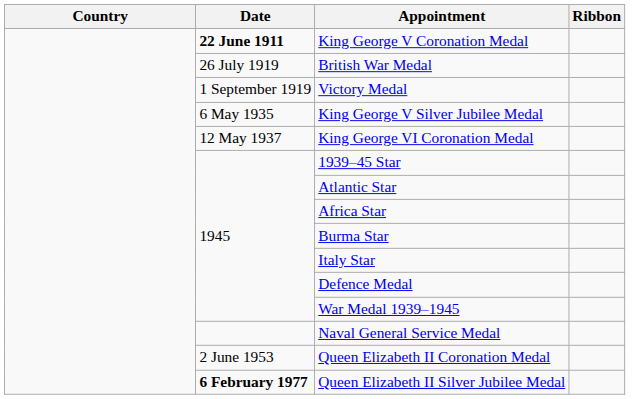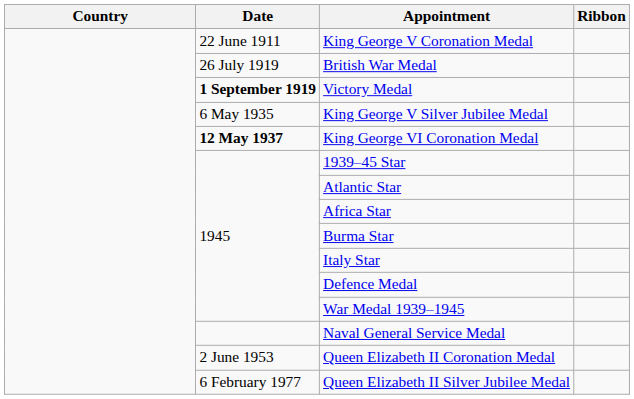 <table class="wikitable sortable plainrowheaders">
 <tr>
 <th scope="col" style="width:12em;">Country</th>
 <th scope="col">Date</th>
 <th scope="col">Appointment</th>
 <th scope="col">Ribbon</th>
 </tr>
 <tr>
 <td rowspan=15></td>
-<td><strong>22 June 1911</strong></td>
+<td>22 June 1911</td>
 <td><a href='#'>King George V Coronation Medal</a></td>
 <td></td>
 </tr>
 <tr>
 <td>26 July 1919</td>
 <td><a href='#'>British War Medal</a></td>
 <td></td>
 </tr>
 <tr>
-<td>1 September 1919</td>
+<td><strong>1 September 1919</strong></td>
 <td><a href='#'>Victory Medal</a></td>
 <td></td>
 </tr>
 <tr>
 <td>6 May 1935</td>
 <td><a href='#'>King George V Silver Jubilee Medal</a></td>
 <td></td>
 </tr>
 <tr>
-<td>12 May 1937</td>
+<td><strong>12 May 1937</strong></td>
 <td><a href='#'>King George VI Coronation Medal</a></td>
 <td></td>
 </tr>
 <tr>
 <td rowspan="7">1945</td>
 <td><a href='#'>1939–45 Star</a></td>
 <td></td>
 </tr>
 <tr>
 <td><a href='#'>Atlantic Star</a></td>
 <td></td>
 </tr>
 <tr>
 <td><a href='#'>Africa Star</a></td>
 <td></td>
 </tr>
 <tr>
 <td><a href='#'>Burma Star</a></td>
 <td></td>
 </tr>
 <tr>
 <td><a href='#'>Italy Star</a></td>
 <td></td>
 </tr>
 <tr>
 <td><a href='#'>Defence Medal</a></td>
 <td></td>
 </tr>
 <tr>
 <td><a href='#'>War Medal 1939–1945</a></td>
 <td></td>
 </tr>
 <tr>
 <td></td>
 <td><a href='#'>Naval General Service Medal</a></td>
 <td></td>
 </tr>
 <tr>
 <td>2 June 1953</td>
 <td><a href='#'>Queen Elizabeth II Coronation Medal</a></td>
 <td></td>
 </tr>
 <tr>
-<td><strong>6 February 1977</strong></td>
+<td>6 February 1977</td>
 <td><a href='#'>Queen Elizabeth II Silver Jubilee Medal</a></td>
 <td></td>
 </tr>
 </table>
